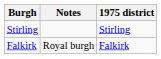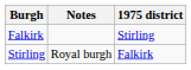 <table class="wikitable">
 <tr>
 <th>Burgh</th>
 <th>Notes</th>
 <th>1975 district</th>
 </tr>
 <tr>
-<td><a href='#'>Stirling</a></td>
+<td><a href='#'>Falkirk</a></td>
 <td></td>
 <td><a href='#'>Stirling</a></td>
 </tr>
 <tr>
-<td><a href='#'>Falkirk</a></td>
+<td><a href='#'>Stirling</a></td>
 <td>Royal burgh</td>
 <td><a href='#'>Falkirk</a></td>
 </tr>
 </table>
